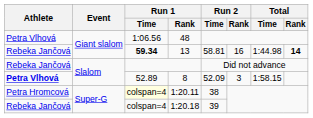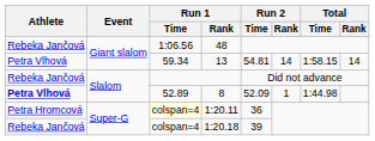 <table class="wikitable" style="font-size:90%">
 <tr>
 <th rowspan=2>Athlete</th>
 <th rowspan=2>Event</th>
 <th colspan=2>Run 1</th>
 <th colspan=2>Run 2</th>
 <th colspan=2>Total</th>
 </tr>
 <tr style="font-size:95%">
 <th>Time</th>
 <th>Rank</th>
 <th>Time</th>
 <th>Rank</th>
 <th>Time</th>
 <th>Rank</th>
 </tr>
 <tr align=center>
-<td align=left><a href='#'>Petra Vlhová</a></td>
+<td align=left><a href='#'>Rebeka Jančová</a></td>
 <td align=left rowspan=2><a href='#'>Giant slalom</a></td>
 <td>1:06.56</td>
 <td>48</td>
 <td colspan=4></td>
 </tr>
 <tr align=center>
-<td align=left><a href='#'>Rebeka Jančová</a></td>
-<td><strong>59.34</strong></td>
+<td align=left><a href='#'>Petra Vlhová</a></td>
+<td>59.34</td>
 <td>13</td>
-<td>58.81</td>
-<td>16</td>
-<td>1:44.98</td>
-<td><strong>14</strong></td>
+<td>54.81</td>
+<td>14</td>
+<td>1:58.15</td>
+<td>14</td>
 </tr>
 <tr align=center>
 <td align=left><a href='#'>Rebeka Jančová</a></td>
 <td align=left rowspan=2><a href='#'>Slalom</a></td>
 <td colspan=2></td>
 <td colspan=4>Did not advance</td>
 </tr>
 <tr align=center>
 <td align=left><strong><a href='#'>Petra Vlhová</a></strong></td>
 <td>52.89</td>
 <td>8</td>
 <td>52.09</td>
-<td>3</td>
-<td>1:58.15</td>
+<td>1</td>
+<td>1:44.98</td>
 <td></td>
 </tr>
 <tr align=center>
 <td align=left><a href='#'>Petra Hromcová</a></td>
 <td align=left rowspan=2><a href='#'>Super-G</a></td>
 <td style="background: lightyellow;">colspan=4</td>
 <td>1:20.11</td>
-<td>38</td>
+<td>36</td>
 </tr>
 <tr align=center>
 <td align=left><a href='#'>Rebeka Jančová</a></td>
 <td>colspan=4</td>
 <td>1:20.18</td>
 <td>39</td>
 </tr>
 </table>
